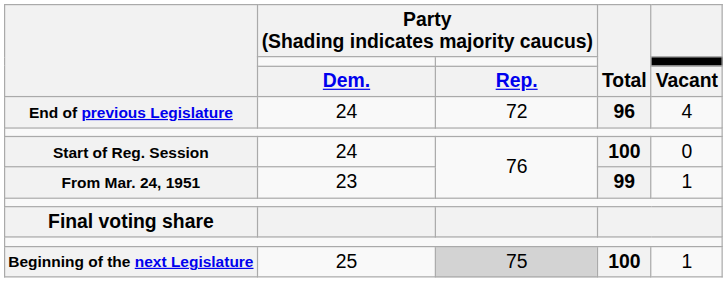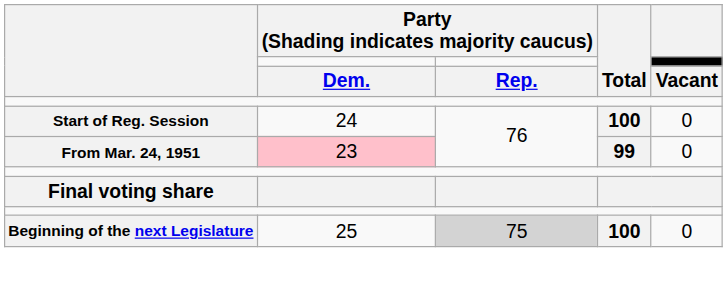 <table class=wikitable style="text-align:center">
 <tr style="vertical-align:bottom;">
 <th rowspan=3></th>
 <th colspan=2>Party <div>(Shading indicates majority caucus)</div></th>
 <th rowspan=3>Total</th>
 <th></th>
 </tr>
 <tr style="height:5px">
 <td style="background-color:"></td>
 <td style="background-color:"></td>
 <td style="background:black;"></td>
 </tr>
 <tr>
 <th><a href='#'>Dem.</a></th>
 <th><a href='#'>Rep.</a></th>
 <th>Vacant</th>
 </tr>
 <tr>
-<th style="font-size:80%;">End of <a href='#'>previous Legislature</a></th>
-<td>24</td>
-<td>72</td>
-<th>96</th>
-<td>4</td>
-</tr>
-<tr>
 <td colspan=5></td>
 </tr>
 <tr>
 <th style="font-size:80%;">Start of Reg. Session</th>
 <td>24</td>
 <td rowspan="2" >76</td>
 <th>100</th>
 <td>0</td>
 </tr>
 <tr>
 <th style="font-size:80%;">From Mar. 24, 1951</th>
-<td>23</td>
+<td style="background: pink;">23</td>
 <th>99</th>
-<td>1</td>
+<td>0</td>
 </tr>
 <tr>
 <td colspan=5></td>
 </tr>
 <tr>
 <th>Final voting share</th>
 <th></th>
 <th></th>
 <th colspan=2></th>
 </tr>
 <tr>
 <td colspan=5></td>
 </tr>
 <tr>
 <th style="font-size:80%;">Beginning of the <a href='#'>next Legislature</a></th>
 <td>25</td>
 <td style="background: lightgrey;">75</td>
 <th>100</th>
-<td>1</td>
+<td>0</td>
 </tr>
 </table>
